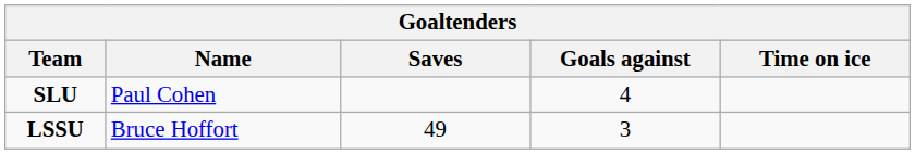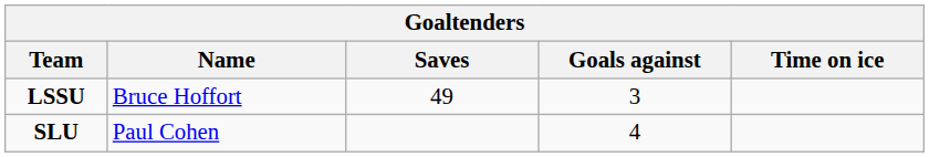 <table class="wikitable" style="width:40em; text-align:right;">
 <tr>
 <th colspan=5>Goaltenders</th>
 </tr>
 <tr>
 <th style="width:4em;">Team</th>
 <th style="width:10em;">Name</th>
 <th style="width:8em;">Saves</th>
 <th style="width:8em;">Goals against</th>
 <th style="width:8em;">Time on ice</th>
 </tr>
 <tr>
+<td align=center><strong>LSSU</strong></td>
+<td style="text-align:left;"><a href='#'>Bruce Hoffort</a></td>
+<td align=center>49</td>
+<td align=center>3</td>
+<td></td>
+</tr>
+<tr>
 <td align=center><strong>SLU</strong></td>
 <td style="text-align:left;"><a href='#'>Paul Cohen</a></td>
 <td align=center></td>
 <td align=center>4</td>
 <td align=center></td>
 </tr>
-<tr>
-<td align=center><strong>LSSU</strong></td>
-<td style="text-align:left;"><a href='#'>Bruce Hoffort</a></td>
-<td align=center>49</td>
-<td align=center>3</td>
-<td></td>
-</tr>
 </table>
